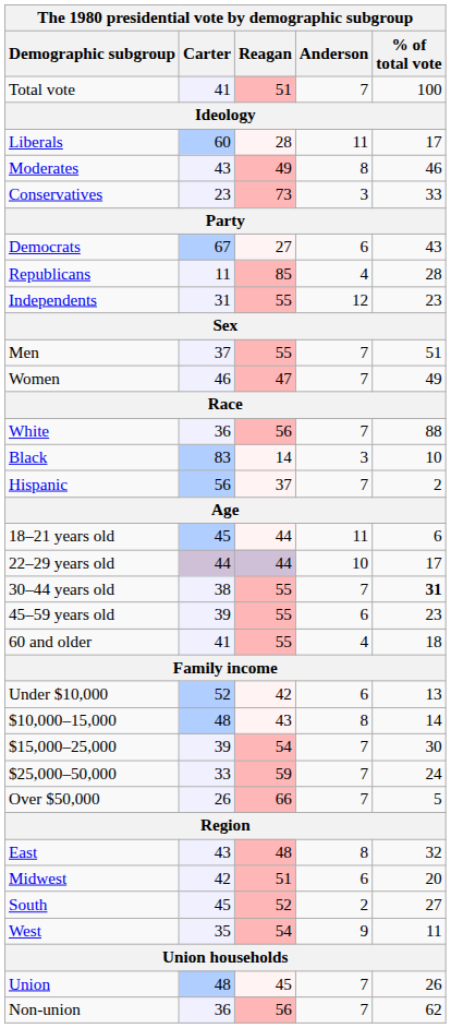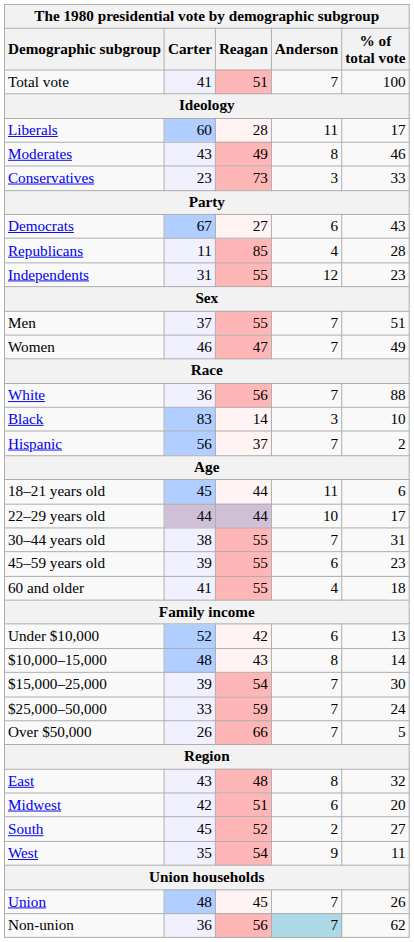 <table class=wikitable>
 <tr>
 <th colspan="8">The 1980 presidential vote by demographic subgroup</th>
 </tr>
 <tr>
 <th>Demographic subgroup</th>
 <th>Carter</th>
 <th>Reagan</th>
 <th>Anderson</th>
 <th>% of<br>total vote</th>
 </tr>
 <tr>
 <td>Total vote</td>
 <td style="text-align:right; background:#f0f0ff;">41</td>
 <td style="text-align:right; background:#ffb6b6;">51</td>
 <td style="text-align:right;">7</td>
 <td style="text-align:right;">100</td>
 </tr>
 <tr>
 <th colspan=5>Ideology</th>
 </tr>
 <tr>
 <td><a href='#'>Liberals</a></td>
 <td style="text-align:right; background:#b0ceff;">60</td>
 <td style="text-align:right; background:#fff3f3;">28</td>
 <td style="text-align:right;">11</td>
 <td style="text-align:right;">17</td>
 </tr>
 <tr>
 <td><a href='#'>Moderates</a></td>
 <td style="text-align:right; background:#f0f0ff;">43</td>
 <td style="text-align:right; background:#ffb6b6;">49</td>
 <td style="text-align:right;">8</td>
 <td style="text-align:right;">46</td>
 </tr>
 <tr>
 <td><a href='#'>Conservatives</a></td>
 <td style="text-align:right; background:#f0f0ff;">23</td>
 <td style="text-align:right; background:#ffb6b6;">73</td>
 <td style="text-align:right;">3</td>
 <td style="text-align:right;">33</td>
 </tr>
 <tr>
 <th colspan=5>Party</th>
 </tr>
 <tr>
 <td><a href='#'>Democrats</a></td>
 <td style="text-align:right; background:#b0ceff;">67</td>
 <td style="text-align:right; background:#fff3f3;">27</td>
 <td style="text-align:right;">6</td>
 <td style="text-align:right;">43</td>
 </tr>
 <tr>
 <td><a href='#'>Republicans</a></td>
 <td style="text-align:right; background:#f0f0ff;">11</td>
 <td style="text-align:right; background:#ffb6b6;">85</td>
 <td style="text-align:right;">4</td>
 <td style="text-align:right;">28</td>
 </tr>
 <tr>
 <td><a href='#'>Independents</a></td>
 <td style="text-align:right; background:#f0f0ff;">31</td>
 <td style="text-align:right; background:#ffb6b6;">55</td>
 <td style="text-align:right;">12</td>
 <td style="text-align:right;">23</td>
 </tr>
 <tr>
 <th colspan=5>Sex</th>
 </tr>
 <tr>
 <td>Men</td>
 <td style="text-align:right; background:#f0f0ff;">37</td>
 <td style="text-align:right; background:#ffb6b6;">55</td>
 <td style="text-align:right;">7</td>
 <td style="text-align:right;">51</td>
 </tr>
 <tr>
 <td>Women</td>
 <td style="text-align:right; background:#f0f0ff;">46</td>
 <td style="text-align:right; background:#ffb6b6;">47</td>
 <td style="text-align:right;">7</td>
 <td style="text-align:right;">49</td>
 </tr>
 <tr>
 <th colspan=5>Race</th>
 </tr>
 <tr>
 <td><a href='#'>White</a></td>
 <td style="text-align:right; background:#f0f0ff;">36</td>
 <td style="text-align:right; background:#ffb6b6;">56</td>
 <td style="text-align:right;">7</td>
 <td style="text-align:right;">88</td>
 </tr>
 <tr>
 <td><a href='#'>Black</a></td>
 <td style="text-align:right; background:#b0ceff;">83</td>
 <td style="text-align:right; background:#fff3f3;">14</td>
 <td style="text-align:right;">3</td>
 <td style="text-align:right;">10</td>
 </tr>
 <tr>
 <td><a href='#'>Hispanic</a></td>
 <td style="text-align:right; background:#b0ceff;">56</td>
 <td style="text-align:right; background:#fff3f3;">37</td>
 <td style="text-align:right;">7</td>
 <td style="text-align:right;">2</td>
 </tr>
 <tr>
 <th colspan=5>Age</th>
 </tr>
 <tr>
 <td>18–21 years old</td>
 <td style="text-align:right; background:#b0ceff;">45</td>
 <td style="text-align:right; background:#fff3f3;">44</td>
 <td style="text-align:right;">11</td>
 <td style="text-align:right;">6</td>
 </tr>
 <tr>
 <td>22–29 years old</td>
 <td style="text-align:right; background:#d0c0d7;">44</td>
 <td style="text-align:right; background:#d0c0d7;">44</td>
 <td style="text-align:right;">10</td>
 <td style="text-align:right;">17</td>
 </tr>
 <tr>
 <td>30–44 years old</td>
 <td style="text-align:right; background:#f0f0ff;">38</td>
 <td style="text-align:right; background:#ffb6b6;">55</td>
 <td style="text-align:right;">7</td>
-<td style="text-align:right;"><strong>31</strong></td>
+<td style="text-align:right;">31</td>
 </tr>
 <tr>
 <td>45–59 years old</td>
 <td style="text-align:right; background:#f0f0ff;">39</td>
 <td style="text-align:right; background:#ffb6b6;">55</td>
 <td style="text-align:right;">6</td>
 <td style="text-align:right;">23</td>
 </tr>
 <tr>
 <td>60 and older</td>
 <td style="text-align:right; background:#f0f0ff;">41</td>
 <td style="text-align:right; background:#ffb6b6;">55</td>
 <td style="text-align:right;">4</td>
 <td style="text-align:right;">18</td>
 </tr>
 <tr>
 <th colspan=5>Family income</th>
 </tr>
 <tr>
 <td>Under $10,000</td>
 <td style="text-align:right; background:#b0ceff;">52</td>
 <td style="text-align:right; background:#fff3f3;">42</td>
 <td style="text-align:right;">6</td>
 <td style="text-align:right;">13</td>
 </tr>
 <tr>
 <td>$10,000–15,000</td>
 <td style="text-align:right; background:#b0ceff;">48</td>
 <td style="text-align:right; background:#fff3f3;">43</td>
 <td style="text-align:right;">8</td>
 <td style="text-align:right;">14</td>
 </tr>
 <tr>
 <td>$15,000–25,000</td>
 <td style="text-align:right; background:#f0f0ff;">39</td>
 <td style="text-align:right; background:#ffb6b6;">54</td>
 <td style="text-align:right;">7</td>
 <td style="text-align:right;">30</td>
 </tr>
 <tr>
 <td>$25,000–50,000</td>
 <td style="text-align:right; background:#f0f0ff;">33</td>
 <td style="text-align:right; background:#ffb6b6;">59</td>
 <td style="text-align:right;">7</td>
 <td style="text-align:right;">24</td>
 </tr>
 <tr>
 <td>Over $50,000</td>
 <td style="text-align:right; background:#f0f0ff;">26</td>
 <td style="text-align:right; background:#ffb6b6;">66</td>
 <td style="text-align:right;">7</td>
 <td style="text-align:right;">5</td>
 </tr>
 <tr>
 <th colspan=5>Region</th>
 </tr>
 <tr>
 <td><a href='#'>East</a></td>
 <td style="text-align:right; background:#f0f0ff;">43</td>
 <td style="text-align:right; background:#ffb6b6;">48</td>
 <td style="text-align:right;">8</td>
 <td style="text-align:right;">32</td>
 </tr>
 <tr>
 <td><a href='#'>Midwest</a></td>
 <td style="text-align:right; background:#f0f0ff;">42</td>
 <td style="text-align:right; background:#ffb6b6;">51</td>
 <td style="text-align:right;">6</td>
 <td style="text-align:right;">20</td>
 </tr>
 <tr>
 <td><a href='#'>South</a></td>
 <td style="text-align:right; background:#f0f0ff;">45</td>
 <td style="text-align:right; background:#ffb6b6;">52</td>
 <td style="text-align:right;">2</td>
 <td style="text-align:right;">27</td>
 </tr>
 <tr>
 <td><a href='#'>West</a></td>
 <td style="text-align:right; background:#f0f0ff;">35</td>
 <td style="text-align:right; background:#ffb6b6;">54</td>
 <td style="text-align:right;">9</td>
 <td style="text-align:right;">11</td>
 </tr>
 <tr>
 <th colspan=5>Union households</th>
 </tr>
 <tr>
 <td><a href='#'>Union</a></td>
 <td style="text-align:right; background:#b0ceff;">48</td>
 <td style="text-align:right; background:#fff3f3;">45</td>
 <td style="text-align:right;">7</td>
 <td style="text-align:right;">26</td>
 </tr>
 <tr>
 <td>Non-union</td>
 <td style="text-align:right; background:#f0f0ff;">36</td>
 <td style="text-align:right; background:#ffb6b6;">56</td>
-<td style="text-align:right;">7</td>
+<td style="background: lightblue; text-align:right;">7</td>
 <td style="text-align:right;">62</td>
 </tr>
 </table>
